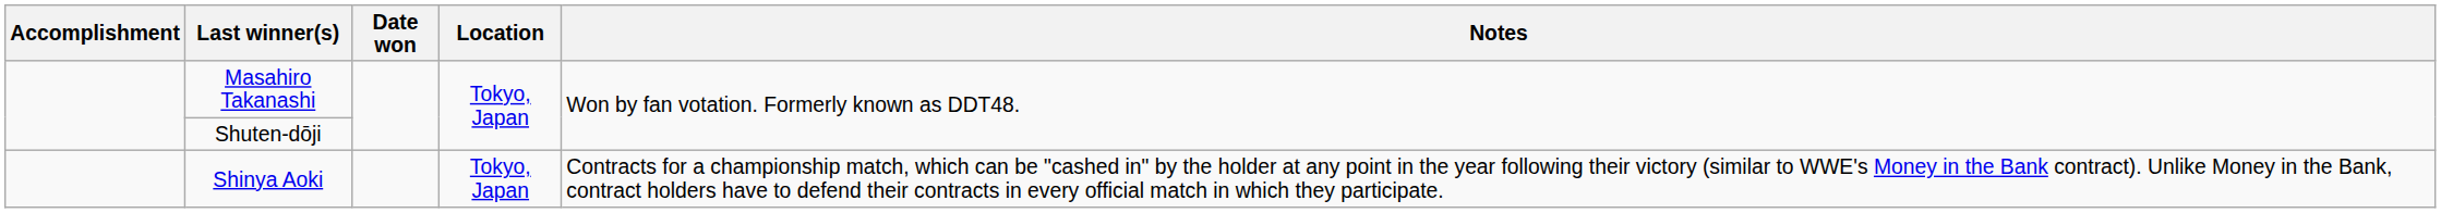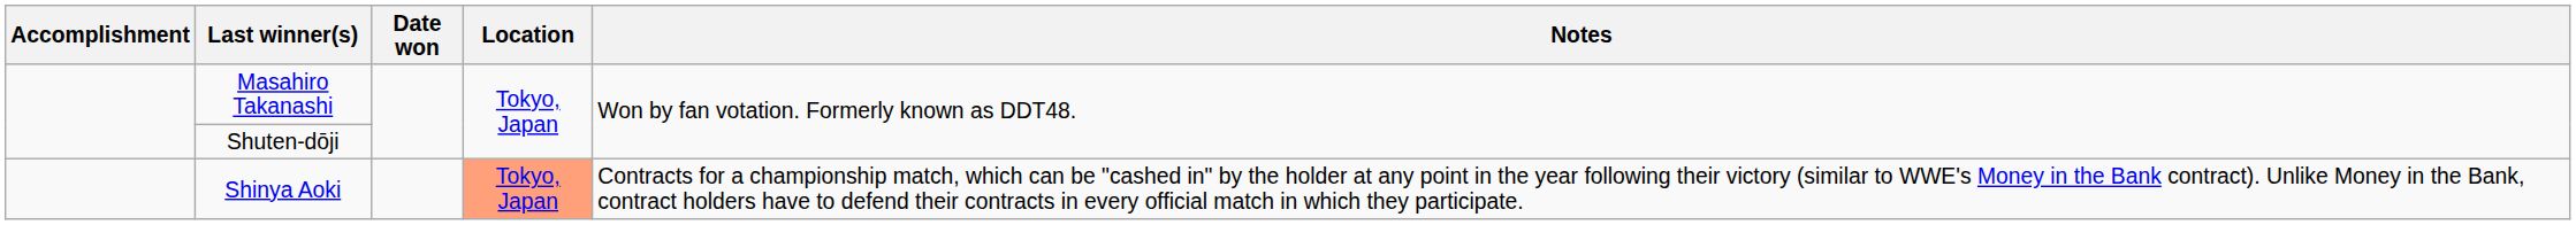 <table class="wikitable" style="text-align:center; font-size:85%;">
 <tr>
 <th>Accomplishment</th>
 <th>Last winner(s)</th>
 <th>Date won</th>
 <th>Location</th>
 <th>Notes</th>
 </tr>
 <tr>
 <td rowspan="2"></td>
 <td><a href='#'>Masahiro Takanashi</a><br></td>
 <td rowspan="2"></td>
 <td rowspan="2"><a href='#'>Tokyo, Japan</a></td>
 <td rowspan="2" style="text-align:left;">Won by fan votation. Formerly known as DDT48.</td>
 </tr>
 <tr>
 <td>Shuten-dōji<br></td>
 </tr>
 <tr>
 <td></td>
 <td><a href='#'>Shinya Aoki</a></td>
 <td></td>
-<td><a href='#'>Tokyo, Japan</a></td>
+<td style="background: lightsalmon;"><a href='#'>Tokyo, Japan</a></td>
 <td style="text-align:left;">Contracts for a championship match, which can be "cashed in" by the holder at any point in the year following their victory (similar to  WWE's <a href='#'>Money in the Bank</a> contract). Unlike Money in the Bank, contract holders have to defend their contracts in every official match in which they participate.</td>
 </tr>
 </table>
